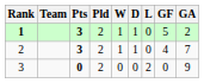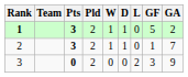 <table class=wikitable>
 <tr align=center>
 <th bgcolor=#efefef>Rank</th>
 <th bgcolor=#efefef>Team</th>
 <th bgcolor=#efefef>Pts</th>
 <th bgcolor=#efefef>Pld</th>
 <th bgcolor=#efefef>W</th>
 <th bgcolor=#efefef>D</th>
 <th bgcolor=#efefef>L</th>
 <th bgcolor=#efefef>GF</th>
 <th bgcolor=#efefef>GA</th>
 </tr>
 <tr align=center style="background:#ccffcc;">
 <td><strong>1</strong></td>
 <td align=left></td>
 <td><strong>3</strong></td>
 <td>2</td>
 <td>1</td>
 <td>1</td>
 <td>0</td>
 <td>5</td>
 <td>2</td>
 </tr>
 <tr align=center>
 <td>2</td>
 <td align=left></td>
 <td><strong>3</strong></td>
 <td>2</td>
 <td>1</td>
 <td>1</td>
 <td>0</td>
-<td>4</td>
+<td>1</td>
 <td>7</td>
 </tr>
 <tr align=center>
 <td>3</td>
 <td align=left></td>
 <td><strong>0</strong></td>
 <td>2</td>
 <td>0</td>
 <td>0</td>
 <td>2</td>
-<td>0</td>
+<td>3</td>
 <td>9</td>
 </tr>
 </table>
